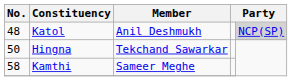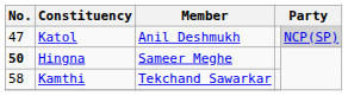 <table class="wikitable sortable">
 <tr>
 <th>No.</th>
 <th>Constituency</th>
 <th>Member</th>
 <th colspan="2">Party</th>
 </tr>
 <tr>
-<td>48</td>
+<td>47</td>
 <td><a href='#'>Katol</a></td>
 <td><a href='#'>Anil Deshmukh</a></td>
 <td style="background-color: "></td>
 <td style="background: lightgrey;"><a href='#'>NCP(SP)</a></td>
 </tr>
 <tr>
-<td>50</td>
+<td><strong>50</strong></td>
 <td><a href='#'>Hingna</a></td>
-<td><a href='#'>Tekchand Sawarkar</a></td>
+<td><a href='#'>Sameer Meghe</a></td>
 <td></td>
 </tr>
 <tr>
 <td>58</td>
 <td><a href='#'>Kamthi</a></td>
-<td><a href='#'>Sameer Meghe</a></td>
+<td><a href='#'>Tekchand Sawarkar</a></td>
 <td></td>
 </tr>
 <tr>
 </tr>
 </table>
